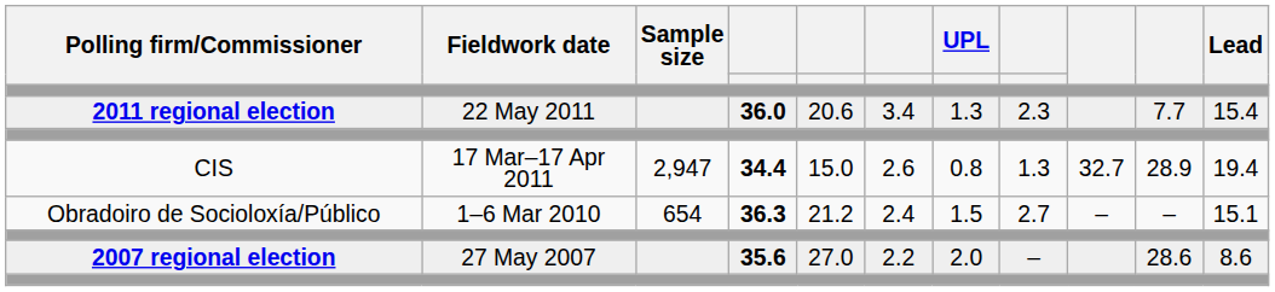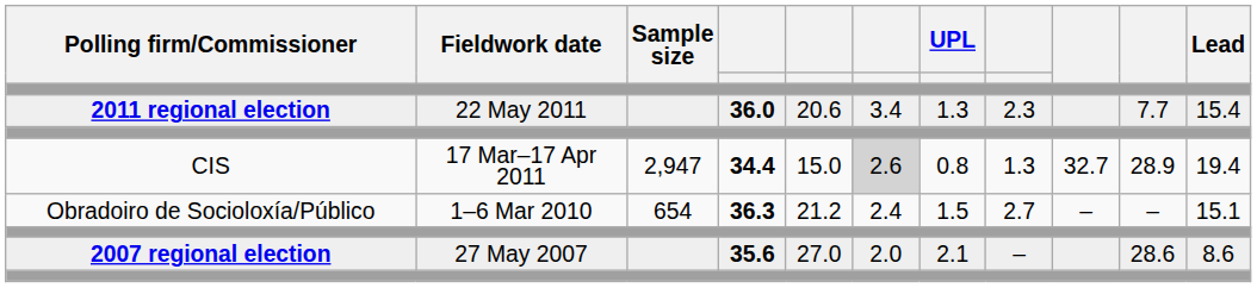 <table class="wikitable collapsible collapsed" style="text-align:center; font-size:90%; line-height:14px;">
 <tr style="height:42px;">
 <th style="width:250px;" rowspan="2">Polling firm/Commissioner</th>
 <th style="width:125px;" rowspan="2">Fieldwork date</th>
 <th style="width:50px;" rowspan="2">Sample size</th>
 <th style="width:35px;"></th>
 <th style="width:35px;"></th>
 <th style="width:35px;"></th>
 <th style="width:35px;"><a href='#'>UPL</a></th>
 <th style="width:35px;"></th>
 <th style="width:35px;" rowspan="2"></th>
 <th style="width:35px;" rowspan="2"></th>
 <th style="width:30px;" rowspan="2">Lead</th>
 </tr>
 <tr>
 <th style="color:inherit;background:"></th>
 <th style="color:inherit;background:"></th>
 <th style="color:inherit;background:"></th>
 <th style="color:inherit;background:"></th>
 <th style="color:inherit;background:"></th>
 </tr>
 <tr>
 <td colspan="11" style="background:#A0A0A0"></td>
 </tr>
 <tr style="background:#EFEFEF;">
 <td><strong><a href='#'>2011 regional election</a></strong></td>
 <td>22 May 2011</td>
 <td></td>
 <td><strong>36.0</strong></td>
 <td>20.6</td>
 <td>3.4</td>
 <td>1.3</td>
 <td>2.3</td>
 <td></td>
 <td>7.7</td>
 <td style="background:">15.4</td>
 </tr>
 <tr>
 <td colspan="11" style="background:#A0A0A0"></td>
 </tr>
 <tr>
 <td>CIS</td>
 <td>17 Mar–17 Apr 2011</td>
 <td>2,947</td>
 <td><strong>34.4</strong></td>
 <td>15.0</td>
-<td>2.6</td>
+<td style="background: lightgrey;">2.6</td>
 <td>0.8</td>
 <td>1.3</td>
 <td>32.7</td>
 <td>28.9</td>
 <td style="background:">19.4</td>
 </tr>
 <tr>
 <td>Obradoiro de Socioloxía/Público</td>
 <td>1–6 Mar 2010</td>
 <td>654</td>
 <td><strong>36.3</strong></td>
 <td>21.2</td>
 <td>2.4</td>
 <td>1.5</td>
 <td>2.7</td>
 <td>–</td>
 <td>–</td>
 <td style="background:">15.1</td>
 </tr>
 <tr>
 <td colspan="11" style="background:#A0A0A0"></td>
 </tr>
 <tr style="background:#EFEFEF;">
 <td><strong><a href='#'>2007 regional election</a></strong></td>
 <td>27 May 2007</td>
 <td></td>
 <td><strong>35.6</strong></td>
 <td>27.0</td>
-<td>2.2</td>
 <td>2.0</td>
+<td>2.1</td>
 <td>–</td>
 <td></td>
 <td>28.6</td>
 <td style="background:">8.6</td>
 </tr>
 <tr>
 <td colspan="11" style="background:#A0A0A0"></td>
 </tr>
 </table>
